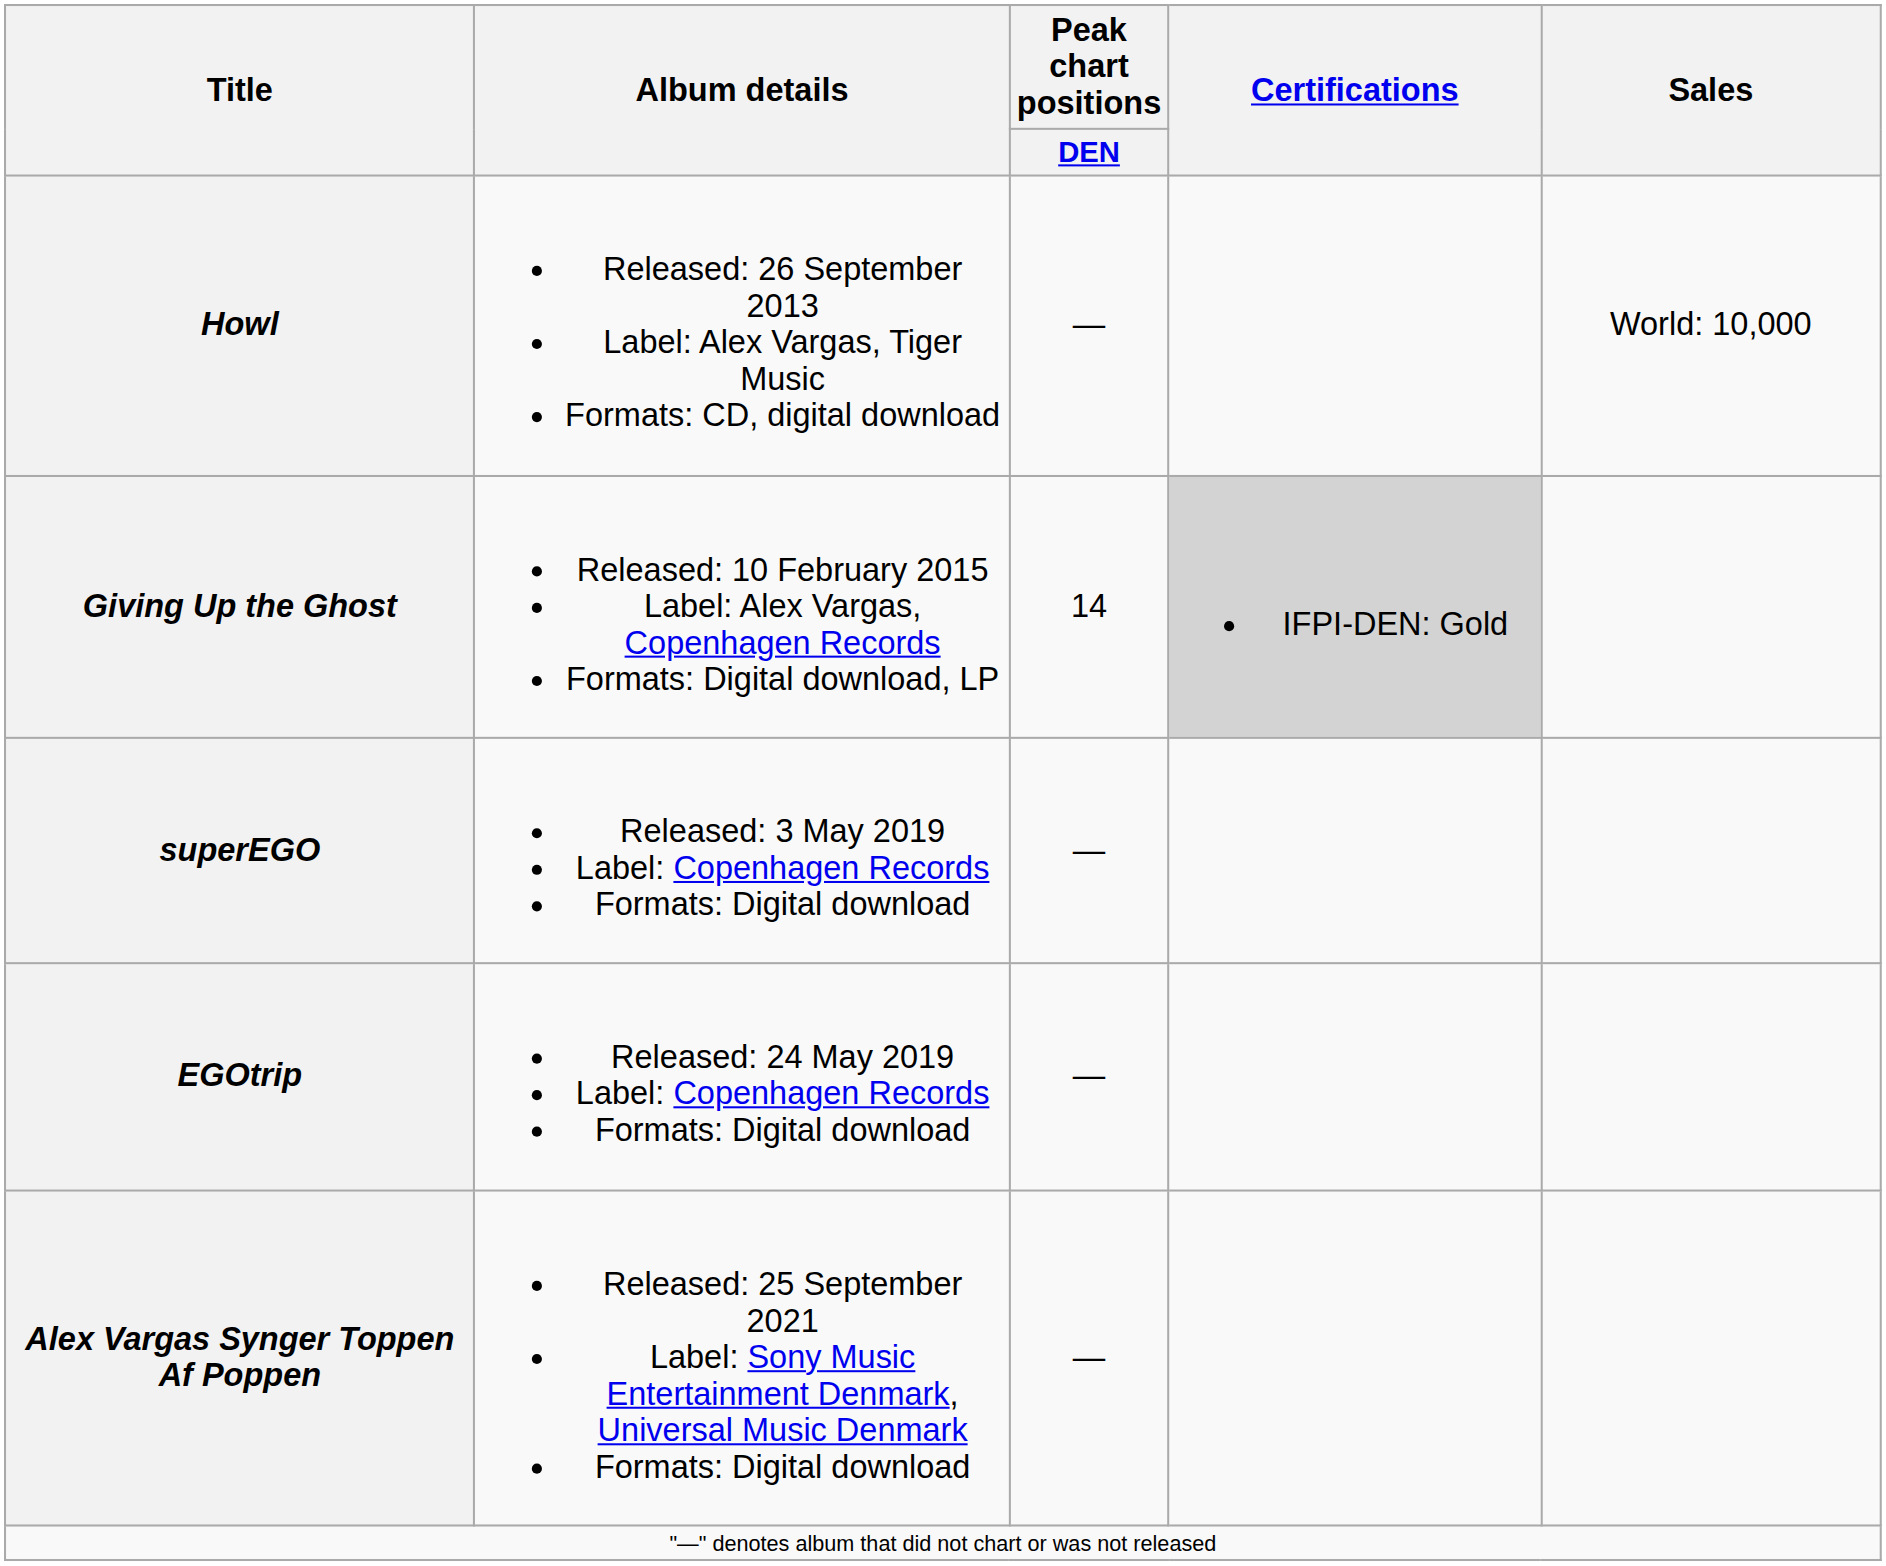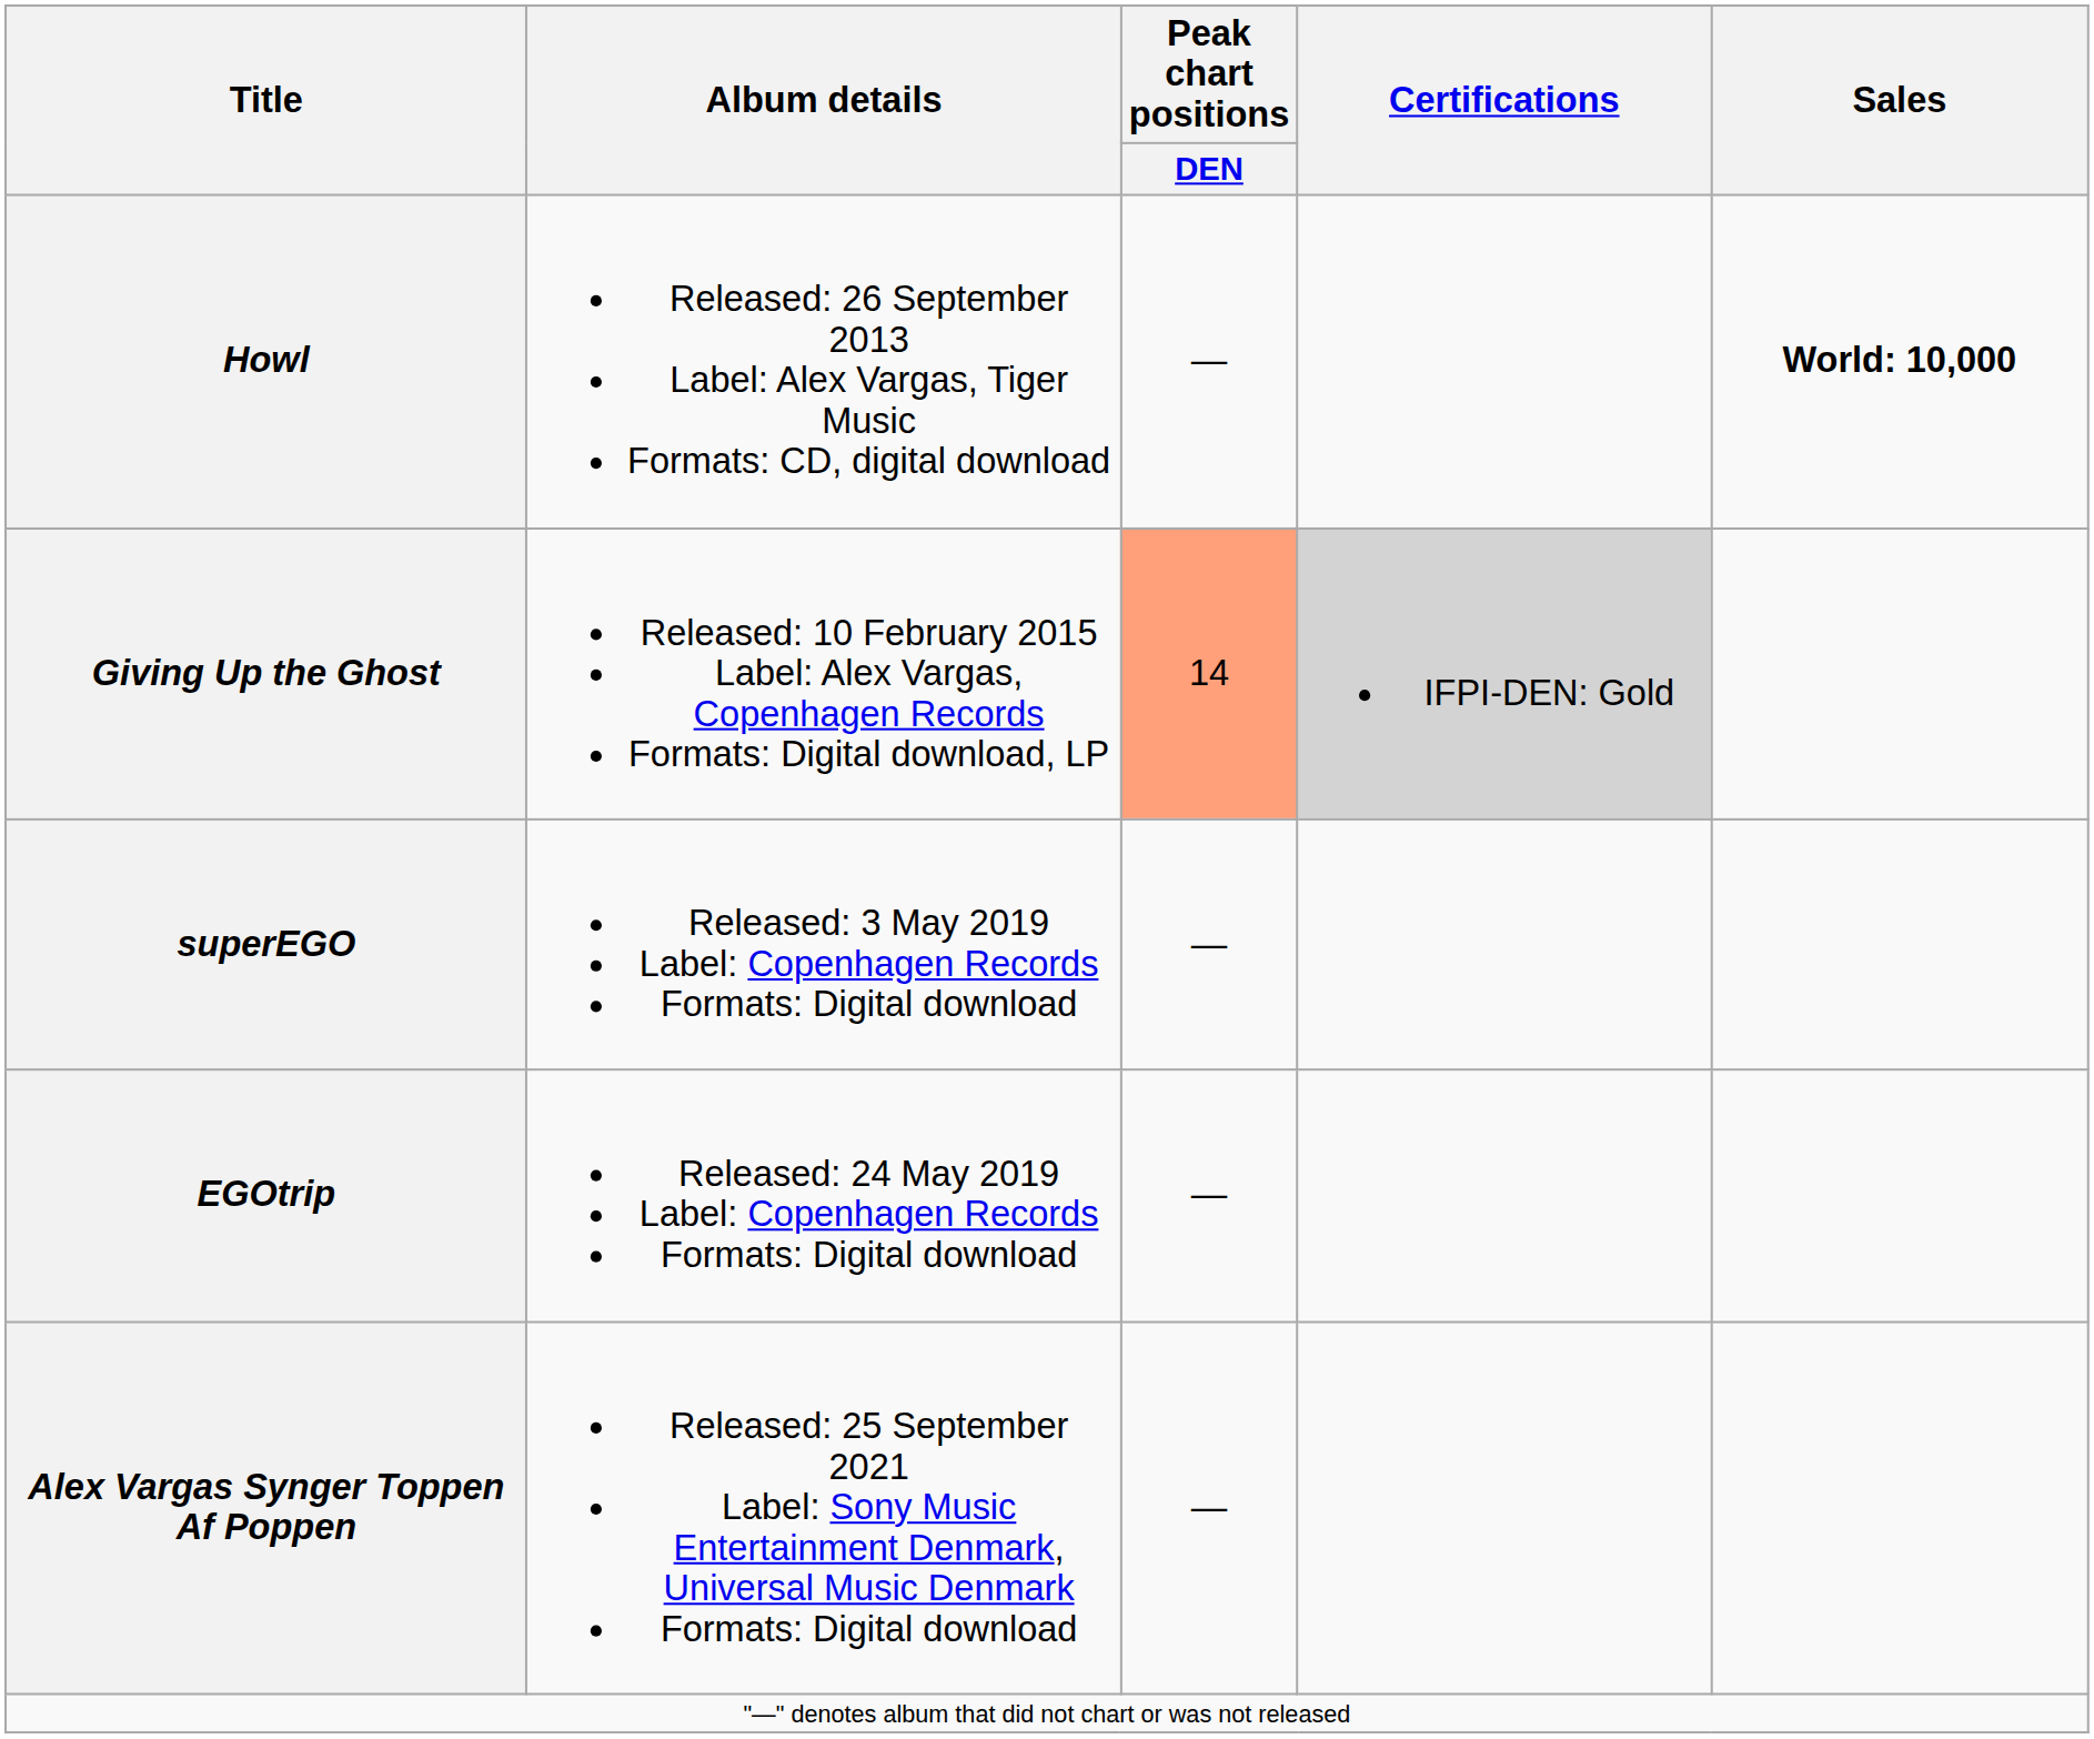 <table class="wikitable plainrowheaders" style="text-align:center;" border="1">
 <tr>
 <th scope="col" rowspan="2" style="width:14em;">Title</th>
 <th scope="col" rowspan="2" style="width:16em;">Album details</th>
 <th scope="col" colspan="1">Peak chart positions</th>
 <th scope="col" rowspan="2" style="width:11em;"><a href='#'>Certifications</a></th>
 <th scope="col" rowspan="2" style="width:10em;">Sales</th>
 </tr>
 <tr>
 <th scope="col" style="width:3em;font-size:90%;"><a href='#'>DEN</a><br></th>
 </tr>
 <tr>
 <th scope="row"><em>Howl</em></th>
 <td><br><ul><li>Released: 26 September 2013</li><li>Label: Alex Vargas, Tiger Music</li><li>Formats: CD, digital download</li></ul></td>
 <td>—</td>
 <td></td>
-<td>World: 10,000</td>
+<td><strong>World: 10,000</strong></td>
 </tr>
 <tr>
 <th scope="row"><em>Giving Up the Ghost</em></th>
 <td><br><ul><li>Released: 10 February 2015</li><li>Label: Alex Vargas, <a href='#'>Copenhagen Records</a></li><li>Formats: Digital download, LP</li></ul></td>
-<td>14</td>
+<td style="background: lightsalmon;">14</td>
 <td style="background: lightgrey;"><br><ul><li>IFPI-DEN: Gold</li></ul></td>
 <td></td>
 </tr>
 <tr>
 <th scope="row"><em>superEGO</em></th>
 <td><br><ul><li>Released: 3 May 2019</li><li>Label: <a href='#'>Copenhagen Records</a></li><li>Formats: Digital download</li></ul></td>
 <td>—</td>
 <td></td>
 <td></td>
 </tr>
 <tr>
 <th scope="row"><em>EGOtrip</em></th>
 <td><br><ul><li>Released: 24 May 2019</li><li>Label: <a href='#'>Copenhagen Records</a></li><li>Formats: Digital download</li></ul></td>
 <td>—</td>
 <td></td>
 <td></td>
 </tr>
 <tr>
 <th scope="row"><em>Alex Vargas Synger Toppen Af Poppen</em></th>
 <td><br><ul><li>Released: 25 September 2021</li><li>Label: <a href='#'>Sony Music Entertainment Denmark</a>, <a href='#'>Universal Music Denmark</a></li><li>Formats: Digital download</li></ul></td>
 <td>—</td>
 <td></td>
 <td></td>
 </tr>
 <tr>
 <td colspan="16" style="font-size: 8pt">"—" denotes album that did not chart or was not released</td>
 </tr>
 </table>
